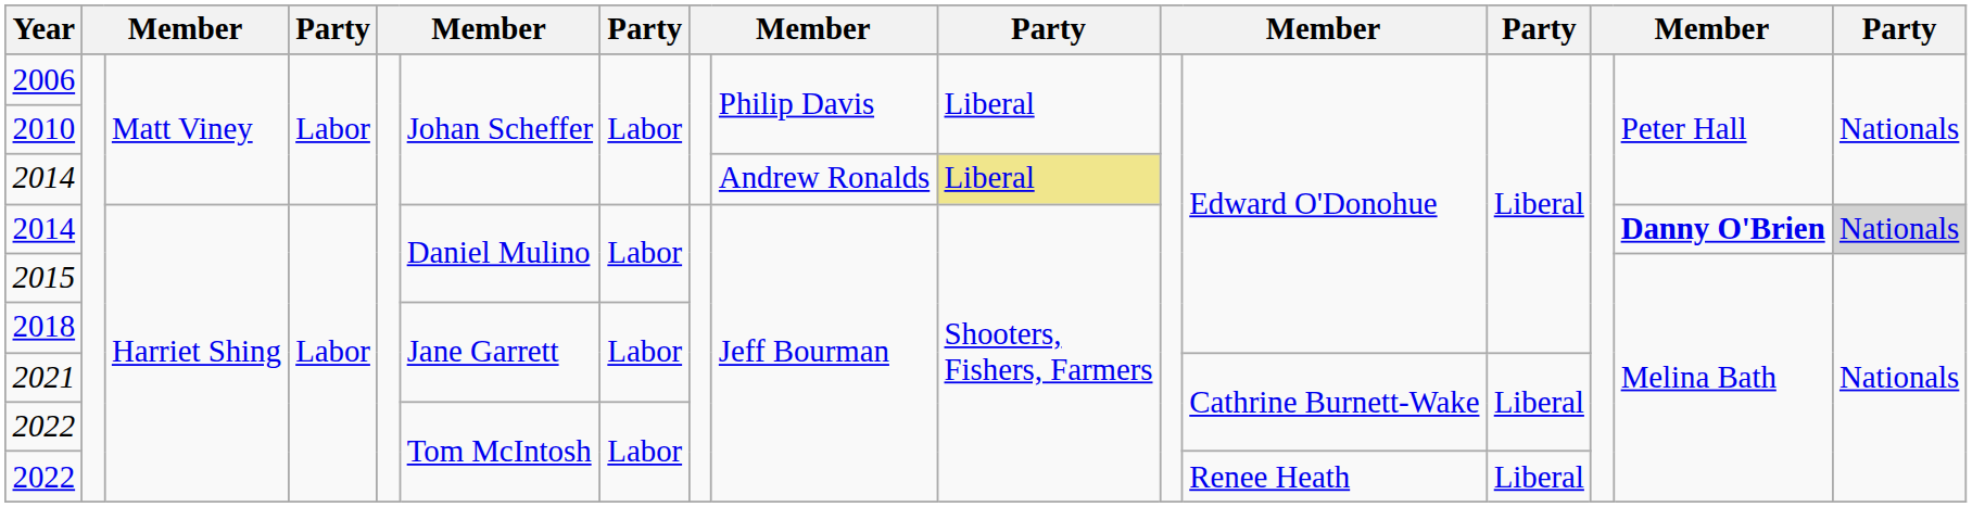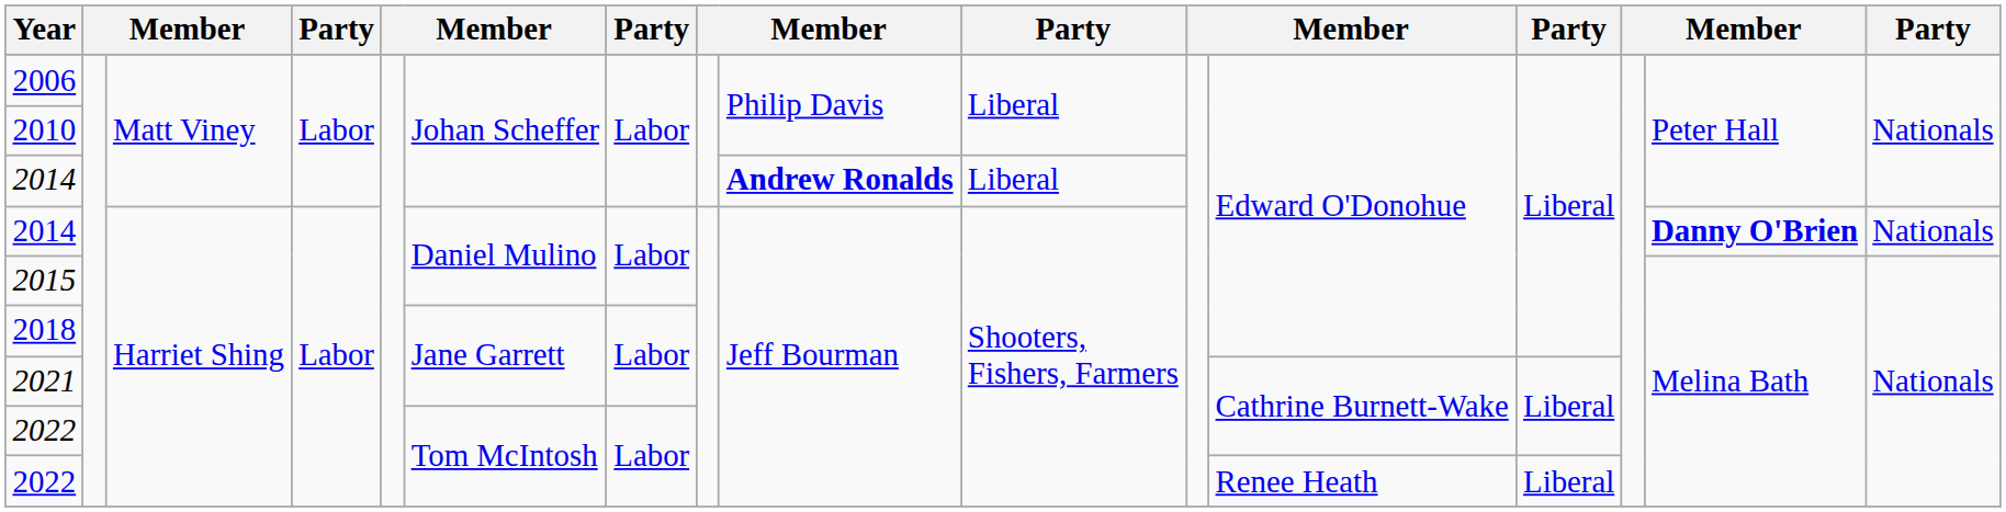 <table class=wikitable>
 <tr>
 <th>Year</th>
 <th colspan=2>Member</th>
 <th>Party</th>
 <th colspan=2>Member</th>
 <th>Party</th>
 <th colspan=2>Member</th>
 <th>Party</th>
 <th colspan=2>Member</th>
 <th>Party</th>
 <th colspan=2>Member</th>
 <th>Party</th>
 </tr>
 <tr>
 <td><a href='#'>2006</a></td>
 <td rowspan=9 > </td>
 <td rowspan=3><a href='#'>Matt Viney</a></td>
 <td rowspan=3><a href='#'>Labor</a></td>
 <td rowspan=9 > </td>
 <td rowspan=3><a href='#'>Johan Scheffer</a></td>
 <td rowspan=3><a href='#'>Labor</a></td>
 <td rowspan=3 > </td>
 <td rowspan=2><a href='#'>Philip Davis</a></td>
 <td rowspan=2><a href='#'>Liberal</a></td>
 <td rowspan=9 > </td>
 <td rowspan=6><a href='#'>Edward O'Donohue</a></td>
 <td rowspan=6><a href='#'>Liberal</a></td>
 <td rowspan=9 > </td>
 <td rowspan=3><a href='#'>Peter Hall</a></td>
 <td rowspan=3><a href='#'>Nationals</a></td>
 </tr>
 <tr>
 <td><a href='#'>2010</a></td>
 </tr>
 <tr>
 <td><em>2014</em></td>
-<td><a href='#'>Andrew Ronalds</a></td>
-<td style="background: khaki;"><a href='#'>Liberal</a></td>
+<td><strong><a href='#'>Andrew Ronalds</a></strong></td>
+<td><a href='#'>Liberal</a></td>
 </tr>
 <tr>
 <td><a href='#'>2014</a></td>
 <td rowspan=6><a href='#'>Harriet Shing</a></td>
 <td rowspan=6><a href='#'>Labor</a></td>
 <td rowspan=2><a href='#'>Daniel Mulino</a></td>
 <td rowspan=2><a href='#'>Labor</a></td>
 <td rowspan=6 > </td>
 <td rowspan=6><a href='#'>Jeff Bourman</a></td>
 <td rowspan=6><a href='#'>Shooters,<br>Fishers, Farmers</a></td>
 <td><strong><a href='#'>Danny O'Brien</a></strong></td>
-<td style="background: lightgrey;"><a href='#'>Nationals</a></td>
+<td><a href='#'>Nationals</a></td>
 </tr>
 <tr>
 <td><em>2015</em></td>
 <td rowspan=5><a href='#'>Melina Bath</a></td>
 <td rowspan=5><a href='#'>Nationals</a></td>
 </tr>
 <tr>
 <td><a href='#'>2018</a></td>
 <td rowspan=2><a href='#'>Jane Garrett</a></td>
 <td rowspan=2><a href='#'>Labor</a></td>
 </tr>
 <tr>
 <td><em>2021</em></td>
 <td rowspan=2><a href='#'>Cathrine Burnett-Wake</a></td>
 <td rowspan=2><a href='#'>Liberal</a></td>
 </tr>
 <tr>
 <td><em>2022</em></td>
 <td rowspan=2><a href='#'>Tom McIntosh</a></td>
 <td rowspan=2><a href='#'>Labor</a></td>
 </tr>
 <tr>
 <td><a href='#'>2022</a></td>
 <td><a href='#'>Renee Heath</a></td>
 <td><a href='#'>Liberal</a></td>
 </tr>
 </table>
